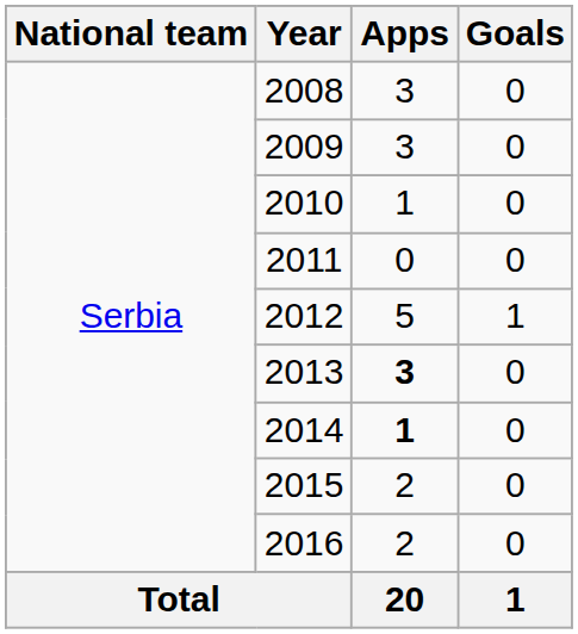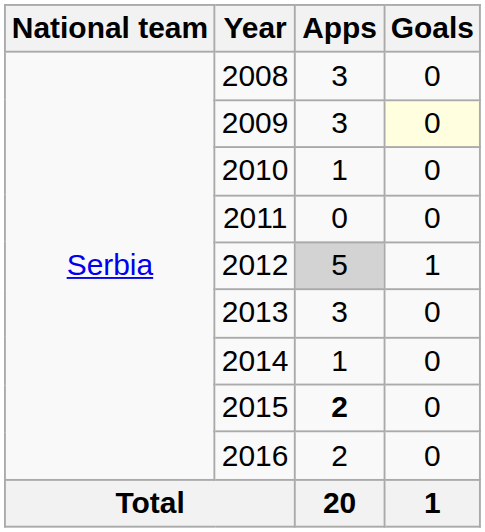 <table class="wikitable" style="text-align:center">
 <tr>
 <th>National team</th>
 <th>Year</th>
 <th>Apps</th>
 <th>Goals</th>
 </tr>
 <tr>
 <td rowspan="9"><a href='#'>Serbia</a></td>
 <td>2008</td>
 <td>3</td>
 <td>0</td>
 </tr>
 <tr>
 <td>2009</td>
 <td>3</td>
-<td>0</td>
+<td style="background: lightyellow;">0</td>
 </tr>
 <tr>
 <td>2010</td>
 <td>1</td>
 <td>0</td>
 </tr>
 <tr>
 <td>2011</td>
 <td>0</td>
 <td>0</td>
 </tr>
 <tr>
 <td>2012</td>
-<td>5</td>
+<td style="background: lightgrey;">5</td>
 <td>1</td>
 </tr>
 <tr>
 <td>2013</td>
-<td><strong>3</strong></td>
+<td>3</td>
 <td>0</td>
 </tr>
 <tr>
 <td>2014</td>
-<td><strong>1</strong></td>
+<td>1</td>
 <td>0</td>
 </tr>
 <tr>
 <td>2015</td>
-<td>2</td>
+<td><strong>2</strong></td>
 <td>0</td>
 </tr>
 <tr>
 <td>2016</td>
 <td>2</td>
 <td>0</td>
 </tr>
 <tr>
 <th colspan="2">Total</th>
 <th>20</th>
 <th>1</th>
 </tr>
 </table>
